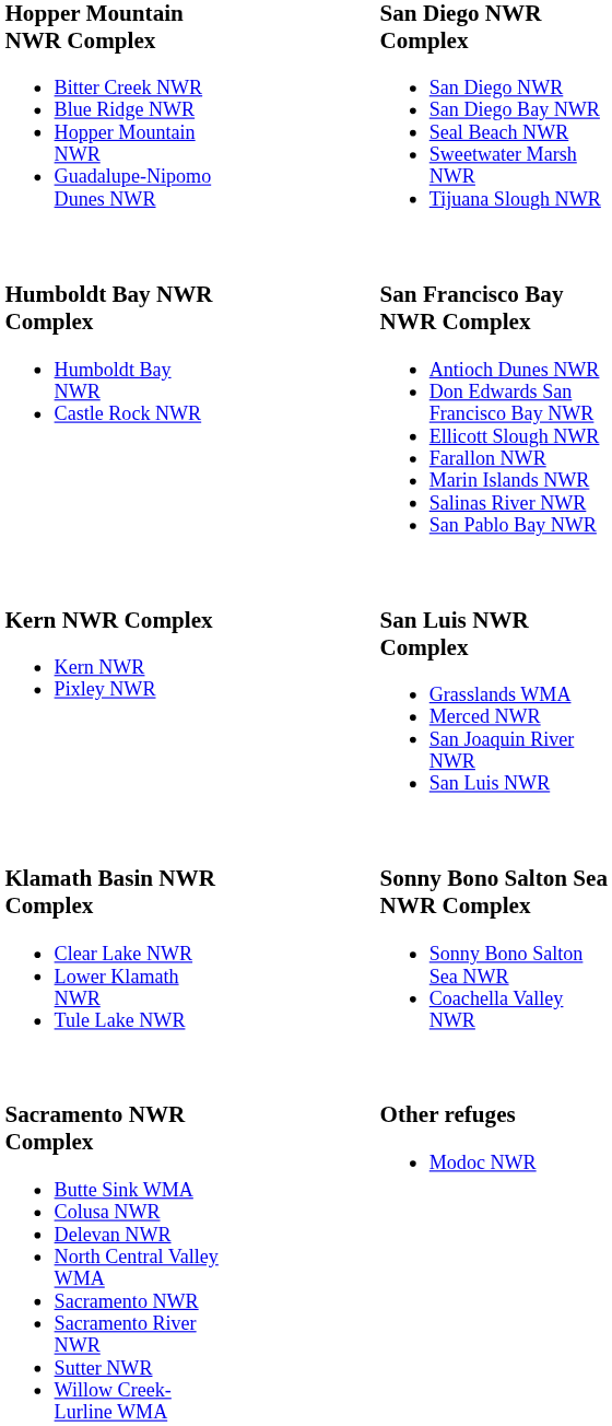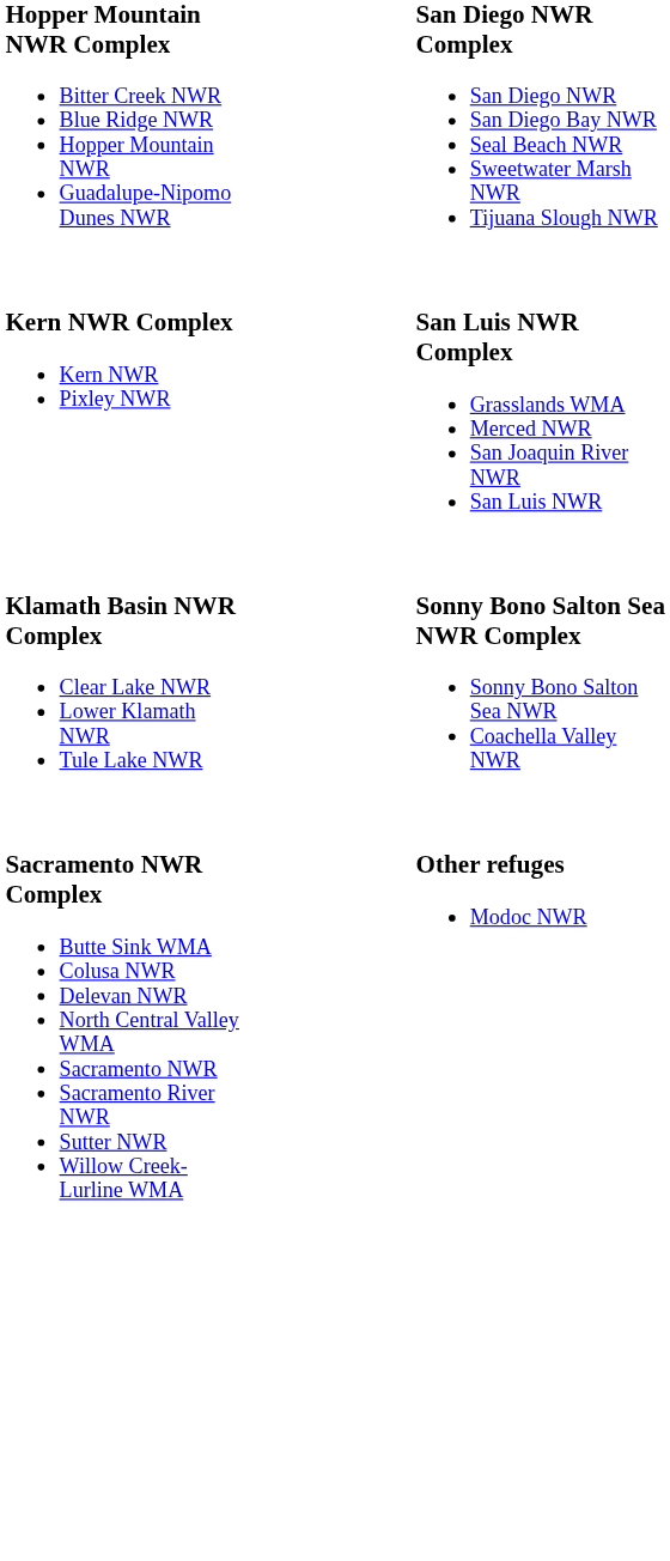 <table width=100% border=0>
 <tr valign="top">
 <td><br><h3>Hopper Mountain NWR Complex</h3><ul><li><a href='#'>Bitter Creek NWR</a></li><li><a href='#'>Blue Ridge NWR</a></li><li><a href='#'>Hopper Mountain NWR</a></li><li><a href='#'>Guadalupe-Nipomo Dunes NWR</a></li></ul></td>
 <td width=20%></td>
 <td><br><h3>San Diego NWR Complex</h3><ul><li><a href='#'>San Diego NWR</a></li><li><a href='#'>San Diego Bay NWR</a></li><li><a href='#'>Seal Beach NWR</a></li><li><a href='#'>Sweetwater Marsh NWR</a></li><li><a href='#'>Tijuana Slough NWR</a></li></ul></td>
-<td width=20%></td>
-</tr>
-<tr valign="top">
-<td><br><h3>Humboldt Bay NWR Complex</h3><ul><li><a href='#'>Humboldt Bay NWR</a></li><li><a href='#'>Castle Rock NWR</a></li></ul></td>
-<td width=20%></td>
-<td><br><h3>San Francisco Bay NWR Complex</h3><ul><li><a href='#'>Antioch Dunes NWR</a></li><li><a href='#'>Don Edwards San Francisco Bay NWR</a></li><li><a href='#'>Ellicott Slough NWR</a></li><li><a href='#'>Farallon NWR</a></li><li><a href='#'>Marin Islands NWR</a></li><li><a href='#'>Salinas River NWR</a></li><li><a href='#'>San Pablo Bay NWR</a></li></ul></td>
 <td width=20%></td>
 </tr>
 <tr valign="top">
 <td><br><h3>Kern NWR Complex</h3><ul><li><a href='#'>Kern NWR</a></li><li><a href='#'>Pixley NWR</a></li></ul></td>
 <td width=20%></td>
 <td><br><h3>San Luis NWR Complex</h3><ul><li><a href='#'>Grasslands WMA</a></li><li><a href='#'>Merced NWR</a></li><li><a href='#'>San Joaquin River NWR</a></li><li><a href='#'>San Luis NWR</a></li></ul></td>
 <td width=20%></td>
 </tr>
 <tr valign="top">
 <td><br><h3>Klamath Basin NWR Complex</h3><ul><li><a href='#'>Clear Lake NWR</a></li><li><a href='#'>Lower Klamath NWR</a></li><li><a href='#'>Tule Lake NWR</a></li></ul></td>
 <td width=20%></td>
 <td><br><h3>Sonny Bono Salton Sea NWR Complex</h3><ul><li><a href='#'>Sonny Bono Salton Sea NWR</a></li><li><a href='#'>Coachella Valley NWR</a></li></ul></td>
 <td width=20%></td>
 </tr>
 <tr valign="top">
 <td><br><h3>Sacramento NWR Complex</h3><ul><li><a href='#'>Butte Sink WMA</a></li><li><a href='#'>Colusa NWR</a></li><li><a href='#'>Delevan NWR</a></li><li><a href='#'>North Central Valley WMA</a></li><li><a href='#'>Sacramento NWR</a></li><li><a href='#'>Sacramento River NWR</a></li><li><a href='#'>Sutter NWR</a></li><li><a href='#'>Willow Creek-Lurline WMA</a></li></ul></td>
 <td width=20%></td>
 <td><br><h3>Other refuges</h3><ul><li><a href='#'>Modoc NWR</a></li></ul></td>
 <td width=20%></td>
 </tr>
 </table>
